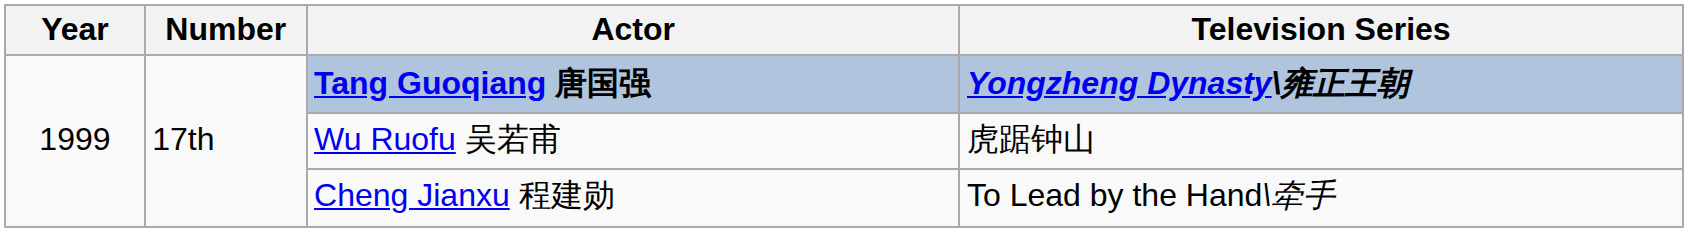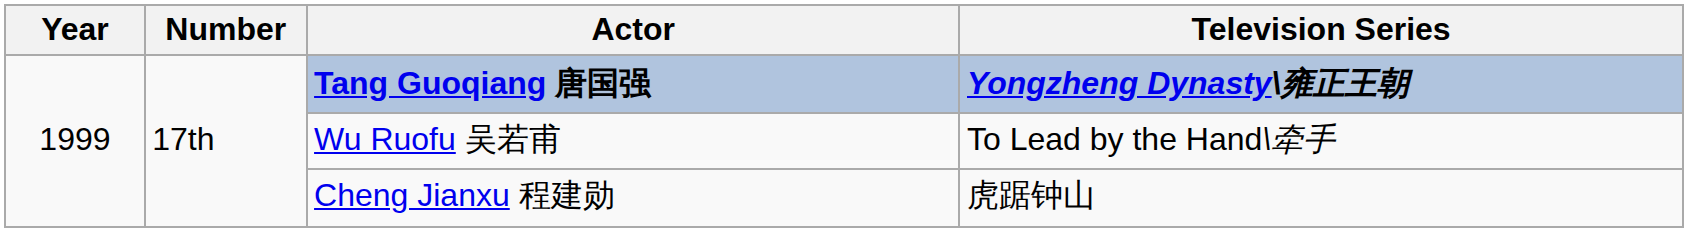 <table class="wikitable" width="95%" align="center">
 <tr>
 <th width="6%">Year</th>
 <th width="4%">Number</th>
 <th width="28%">Actor</th>
 <th width="31%">Television Series</th>
 </tr>
 <tr>
 <td rowspan="3" style="text-align:center;">1999</td>
 <td rowspan="3">17th</td>
 <td style="background:#B0C4DE;"><strong><a href='#'>Tang Guoqiang</a> 唐国强</strong></td>
 <td style="background:#B0C4DE;"><strong><em><a href='#'>Yongzheng Dynasty</a><em>\雍正王朝<strong></td>
 </tr>
 <tr>
 <td><a href='#'>Wu Ruofu</a> 吴若甫</td>
-<td>虎踞钟山</td>
+<td></em>To Lead by the Hand<em>\牵手</td>
 </tr>
 <tr>
 <td><a href='#'>Cheng Jianxu</a> 程建勋</td>
-<td></em>To Lead by the Hand<em>\牵手</td>
+<td>虎踞钟山</td>
 </tr>
 </table>
